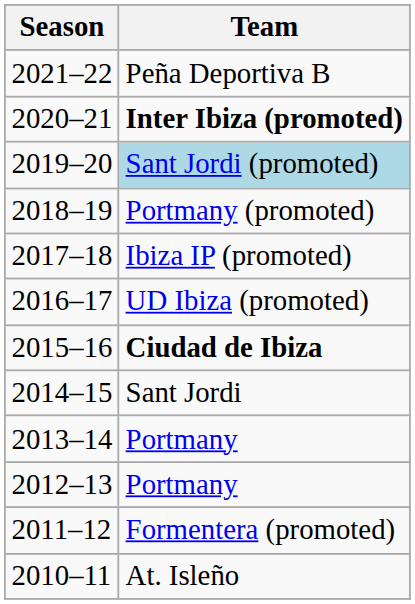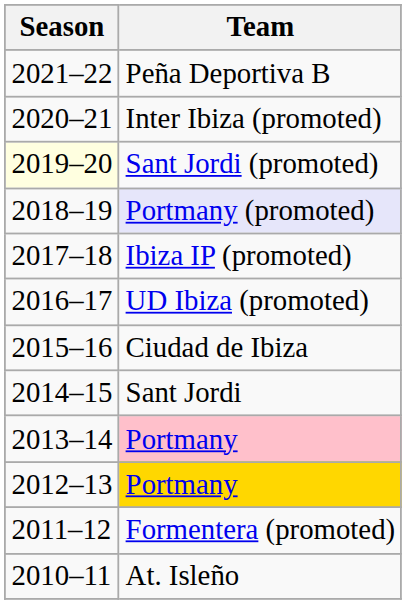 <table class="wikitable">
 <tr>
 <th>Season</th>
 <th>Team</th>
 </tr>
 <tr>
 <td>2021–22</td>
 <td>Peña Deportiva B</td>
 </tr>
 <tr>
 <td>2020–21</td>
-<td><strong>Inter Ibiza (promoted)</strong></td>
+<td>Inter Ibiza (promoted)</td>
 </tr>
 <tr>
-<td>2019–20</td>
-<td style="background: lightblue;"><a href='#'>Sant Jordi</a> (promoted)</td>
+<td style="background: lightyellow;">2019–20</td>
+<td><a href='#'>Sant Jordi</a> (promoted)</td>
 </tr>
 <tr>
 <td>2018–19</td>
-<td><a href='#'>Portmany</a> (promoted)</td>
+<td style="background: lavender;"><a href='#'>Portmany</a> (promoted)</td>
 </tr>
 <tr>
 <td>2017–18</td>
 <td><a href='#'>Ibiza IP</a> (promoted)</td>
 </tr>
 <tr>
 <td>2016–17</td>
 <td><a href='#'>UD Ibiza</a> (promoted)</td>
 </tr>
 <tr>
 <td>2015–16</td>
-<td><strong>Ciudad de Ibiza</strong></td>
+<td>Ciudad de Ibiza</td>
 </tr>
 <tr>
 <td>2014–15</td>
 <td>Sant Jordi</td>
 </tr>
 <tr>
 <td>2013–14</td>
-<td><a href='#'>Portmany</a></td>
+<td style="background: pink;"><a href='#'>Portmany</a></td>
 </tr>
 <tr>
 <td>2012–13</td>
-<td><a href='#'>Portmany</a></td>
+<td style="background: gold;"><a href='#'>Portmany</a></td>
 </tr>
 <tr>
 <td>2011–12</td>
 <td><a href='#'>Formentera</a> (promoted)</td>
 </tr>
 <tr>
 <td>2010–11</td>
 <td>At. Isleño</td>
 </tr>
 </table>
